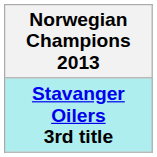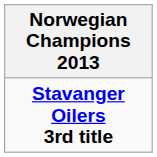 <table class="wikitable" style="text-align: center; margin: 0 auto; width: 20%">
 <tr>
 <th>Norwegian Champions<br>2013</th>
 </tr>
 <tr>
-<td style="background: paleturquoise;"><strong><a href='#'>Stavanger Oilers</a></strong><br><strong>3rd title</strong></td>
+<td><strong><a href='#'>Stavanger Oilers</a></strong><br><strong>3rd title</strong></td>
 </tr>
 </table>
